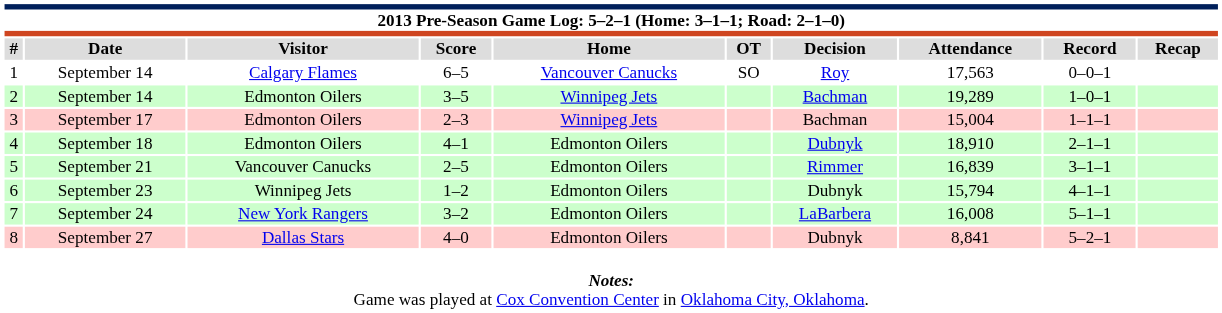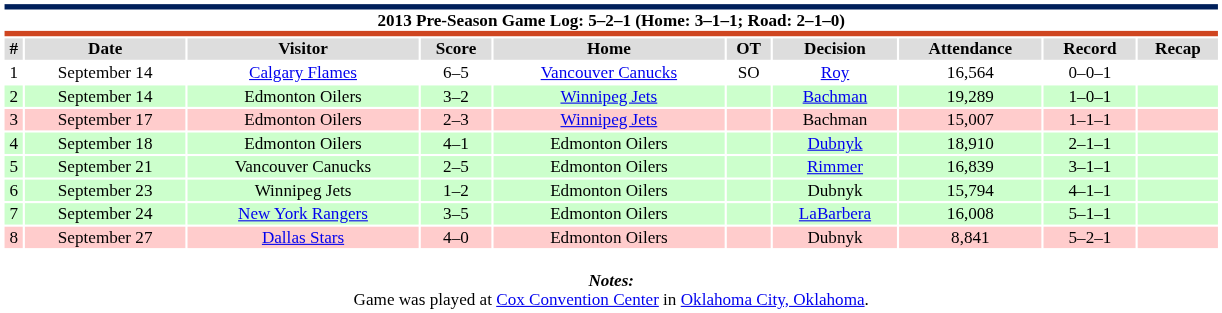 <table class="toccolours collapsible collapsed"  style="width:90%; clear:both; margin:1.5em auto; text-align:center;">
 <tr>
 <th colspan=11 style="background:#FFFFFF;border-top:#00205B 5px solid;border-bottom:#CF4520 5px solid;">2013 Pre-Season Game Log: 5–2–1 (Home: 3–1–1; Road: 2–1–0)</th>
 </tr>
 <tr style="text-align:center; background:#ddd;">
 <th>#</th>
 <th>Date</th>
 <th>Visitor</th>
 <th>Score</th>
 <th>Home</th>
 <th>OT</th>
 <th>Decision</th>
 <th>Attendance</th>
 <th>Record</th>
 <th>Recap</th>
 </tr>
 <tr style="text-align:center; background:#fff;">
 <td>1</td>
 <td>September 14</td>
 <td><a href='#'>Calgary Flames</a></td>
 <td>6–5</td>
 <td><a href='#'>Vancouver Canucks</a></td>
 <td>SO</td>
 <td><a href='#'>Roy</a></td>
-<td>17,563</td>
+<td>16,564</td>
 <td>0–0–1</td>
 <td></td>
 </tr>
 <tr style="text-align:center; background:#cfc;">
 <td>2</td>
 <td>September 14</td>
 <td>Edmonton Oilers</td>
-<td>3–5</td>
+<td>3–2</td>
 <td><a href='#'>Winnipeg Jets</a></td>
 <td></td>
 <td><a href='#'>Bachman</a></td>
 <td>19,289</td>
 <td>1–0–1</td>
 <td></td>
 </tr>
 <tr style="text-align:center; background:#fcc;">
 <td>3</td>
 <td>September 17</td>
 <td>Edmonton Oilers</td>
 <td>2–3</td>
 <td><a href='#'>Winnipeg Jets</a></td>
 <td></td>
 <td>Bachman</td>
-<td>15,004</td>
+<td>15,007</td>
 <td>1–1–1</td>
 <td></td>
 </tr>
 <tr style="text-align:center; background:#cfc;">
 <td>4</td>
 <td>September 18</td>
 <td>Edmonton Oilers</td>
 <td>4–1</td>
 <td>Edmonton Oilers</td>
 <td></td>
 <td><a href='#'>Dubnyk</a></td>
 <td>18,910</td>
 <td>2–1–1</td>
 <td></td>
 </tr>
 <tr style="text-align:center; background:#cfc;">
 <td>5</td>
 <td>September 21</td>
 <td>Vancouver Canucks</td>
 <td>2–5</td>
 <td>Edmonton Oilers</td>
 <td></td>
 <td><a href='#'>Rimmer</a></td>
 <td>16,839</td>
 <td>3–1–1</td>
 <td></td>
 </tr>
 <tr style="text-align:center; background:#cfc">
 <td>6</td>
 <td>September 23</td>
 <td>Winnipeg Jets</td>
 <td>1–2</td>
 <td>Edmonton Oilers</td>
 <td></td>
 <td>Dubnyk</td>
 <td>15,794</td>
 <td>4–1–1</td>
 <td></td>
 </tr>
 <tr style="text-align:center; background:#cfc">
 <td>7</td>
 <td>September 24</td>
 <td><a href='#'>New York Rangers</a></td>
-<td>3–2</td>
+<td>3–5</td>
 <td>Edmonton Oilers</td>
 <td></td>
 <td><a href='#'>LaBarbera</a></td>
 <td>16,008</td>
 <td>5–1–1</td>
 <td></td>
 </tr>
 <tr style="text-align:center; background:#fcc;">
 <td>8</td>
 <td>September 27</td>
 <td><a href='#'>Dallas Stars</a></td>
 <td>4–0</td>
 <td>Edmonton Oilers</td>
 <td></td>
 <td>Dubnyk</td>
 <td>8,841</td>
 <td>5–2–1</td>
 <td></td>
 </tr>
 <tr>
 <td colspan="10" style="text-align:center;"><br><strong><em>Notes:</em></strong><br> Game was played at <a href='#'>Cox Convention Center</a> in <a href='#'>Oklahoma City, Oklahoma</a>.</td>
 </tr>
 </table>
